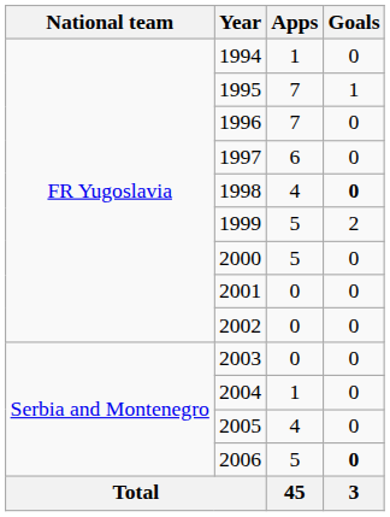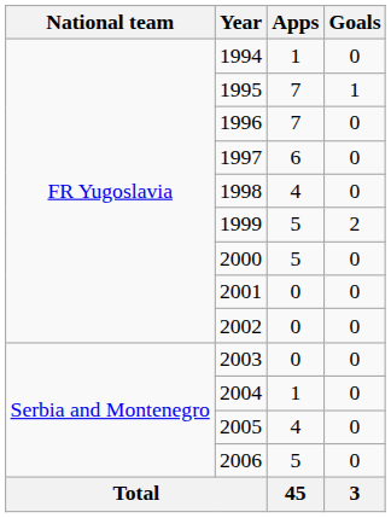 <table class="wikitable" style="text-align:center">
 <tr>
 <th>National team</th>
 <th>Year</th>
 <th>Apps</th>
 <th>Goals</th>
 </tr>
 <tr>
 <td rowspan="9"><a href='#'>FR Yugoslavia</a></td>
 <td>1994</td>
 <td>1</td>
 <td>0</td>
 </tr>
 <tr>
 <td>1995</td>
 <td>7</td>
 <td>1</td>
 </tr>
 <tr>
 <td>1996</td>
 <td>7</td>
 <td>0</td>
 </tr>
 <tr>
 <td>1997</td>
 <td>6</td>
 <td>0</td>
 </tr>
 <tr>
 <td>1998</td>
 <td>4</td>
-<td><strong>0</strong></td>
+<td>0</td>
 </tr>
 <tr>
 <td>1999</td>
 <td>5</td>
 <td>2</td>
 </tr>
 <tr>
 <td>2000</td>
 <td>5</td>
 <td>0</td>
 </tr>
 <tr>
 <td>2001</td>
 <td>0</td>
 <td>0</td>
 </tr>
 <tr>
 <td>2002</td>
 <td>0</td>
 <td>0</td>
 </tr>
 <tr>
 <td rowspan="4"><a href='#'>Serbia and Montenegro</a></td>
 <td>2003</td>
 <td>0</td>
 <td>0</td>
 </tr>
 <tr>
 <td>2004</td>
 <td>1</td>
 <td>0</td>
 </tr>
 <tr>
 <td>2005</td>
 <td>4</td>
 <td>0</td>
 </tr>
 <tr>
 <td>2006</td>
 <td>5</td>
-<td><strong>0</strong></td>
+<td>0</td>
 </tr>
 <tr>
 <th colspan="2">Total</th>
 <th>45</th>
 <th>3</th>
 </tr>
 </table>
